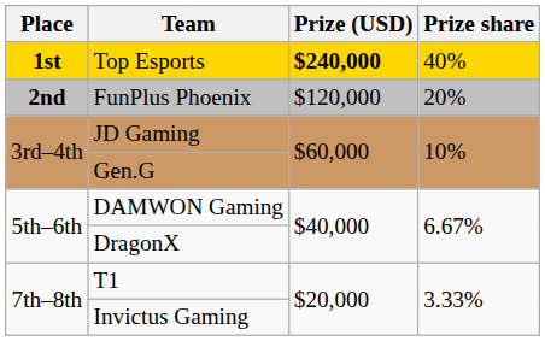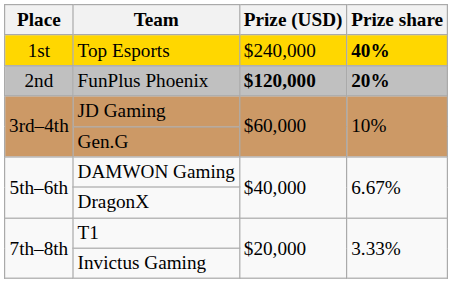 <table class="wikitable" style="white-space:nowrap">
 <tr>
 <th>Place</th>
 <th>Team</th>
 <th>Prize (USD)</th>
 <th>Prize share</th>
 </tr>
 <tr style="background-color: gold">
-<td style="text-align: center"><strong>1st</strong></td>
+<td style="text-align: center">1st</td>
 <td> Top Esports</td>
-<td><strong>$240,000</strong></td>
-<td>40%</td>
+<td>$240,000</td>
+<td><strong>40%</strong></td>
 </tr>
 <tr style="background-color: silver">
-<td style="text-align: center"><strong>2nd</strong></td>
+<td style="text-align: center">2nd</td>
 <td> FunPlus Phoenix</td>
-<td>$120,000</td>
-<td>20%</td>
+<td><strong>$120,000</strong></td>
+<td><strong>20%</strong></td>
 </tr>
 <tr style="background-color: #C96">
 <td rowspan="2" style="text-align: center">3rd–4th</td>
 <td> JD Gaming</td>
 <td rowspan="2">$60,000</td>
 <td rowspan="2">10%</td>
 </tr>
 <tr style="background-color: #C96">
 <td> Gen.G</td>
 </tr>
 <tr>
 <td rowspan="2" style="text-align: center">5th–6th</td>
 <td> DAMWON Gaming</td>
 <td rowspan="2">$40,000</td>
 <td rowspan="2">6.67%</td>
 </tr>
 <tr>
 <td> DragonX</td>
 </tr>
 <tr>
 <td rowspan="2" style="text-align: center">7th–8th</td>
 <td> T1</td>
 <td rowspan="2">$20,000</td>
 <td rowspan="2">3.33%</td>
 </tr>
 <tr>
 <td> Invictus Gaming</td>
 </tr>
 </table>
